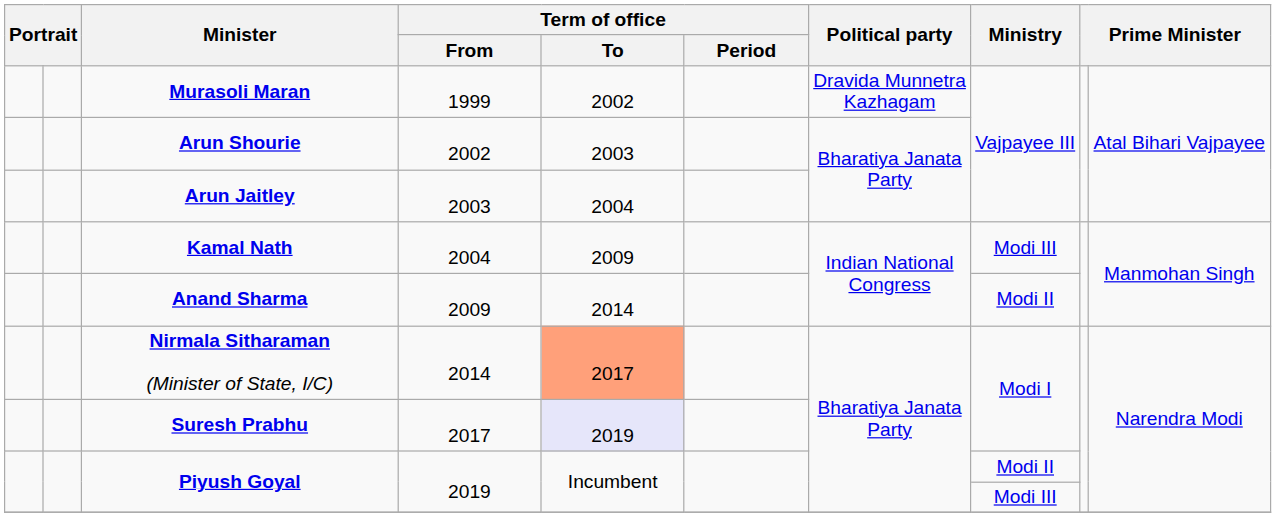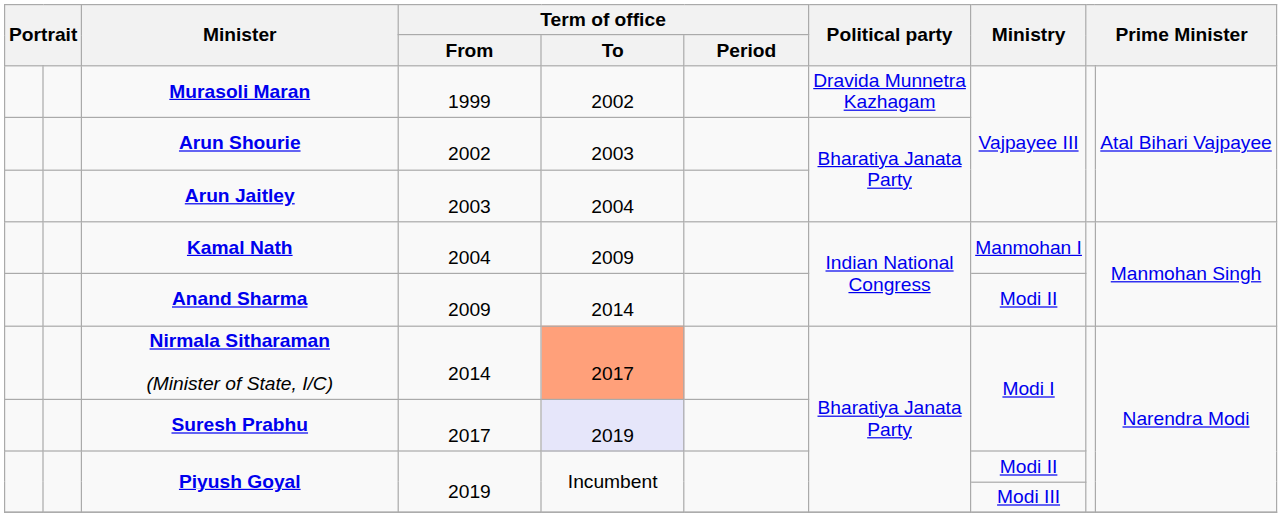 <table class="wikitable" style="text-align:center">
 <tr>
 <th rowspan="2" colspan="2">Portrait</th>
 <th rowspan="2" style="width:16em">Minister<br></th>
 <th colspan="3">Term of office</th>
 <th rowspan="2" style="width:8em">Political party</th>
 <th rowspan="2">Ministry</th>
 <th rowspan="2" colspan="2">Prime Minister</th>
 </tr>
 <tr>
 <th style="width:7em">From</th>
 <th style="width:7em">To</th>
 <th style="width:6em">Period</th>
 </tr>
 <tr>
 <td></td>
 <td></td>
 <td><strong><a href='#'>Murasoli Maran</a></strong><br></td>
 <td><br>1999</td>
 <td><br>2002</td>
 <td><strong></strong></td>
 <td><a href='#'>Dravida Munnetra Kazhagam</a></td>
 <td rowspan="3"><a href='#'>Vajpayee III</a></td>
 <td rowspan="3"></td>
 <td rowspan="3" style="width:9em"><a href='#'>Atal Bihari Vajpayee</a></td>
 </tr>
 <tr>
 <td></td>
 <td></td>
 <td><strong><a href='#'>Arun Shourie</a></strong><br></td>
 <td><br>2002</td>
 <td><br>2003</td>
 <td><strong></strong></td>
 <td rowspan="2"><a href='#'>Bharatiya Janata Party</a></td>
 </tr>
 <tr>
 <td></td>
 <td></td>
 <td><strong><a href='#'>Arun Jaitley</a></strong><br></td>
 <td><br>2003</td>
 <td><br>2004</td>
 <td><strong></strong></td>
 </tr>
 <tr>
 <td></td>
 <td></td>
 <td><strong><a href='#'>Kamal Nath</a></strong><br></td>
 <td><br>2004</td>
 <td><br>2009</td>
 <td><strong></strong></td>
 <td rowspan="2"><a href='#'>Indian National Congress</a></td>
-<td><a href='#'>Modi III</a></td>
+<td><a href='#'>Manmohan I</a></td>
 <td rowspan="2"></td>
 <td rowspan="2"><a href='#'>Manmohan Singh</a></td>
 </tr>
 <tr>
 <td></td>
 <td></td>
 <td><strong><a href='#'>Anand Sharma</a></strong><br></td>
 <td><br>2009</td>
 <td><br>2014</td>
 <td><strong></strong></td>
 <td><a href='#'>Modi II</a></td>
 </tr>
 <tr>
 <td></td>
 <td></td>
 <td><strong><a href='#'>Nirmala Sitharaman</a></strong><br><br><em>(Minister of State, I/C)</em></td>
 <td><br>2014</td>
 <td style="background: lightsalmon;"><br>2017</td>
 <td><strong></strong></td>
 <td rowspan="4"><a href='#'>Bharatiya Janata Party</a></td>
 <td rowspan="2"><a href='#'>Modi I</a></td>
 <td rowspan="4"></td>
 <td rowspan="4"><a href='#'>Narendra Modi</a></td>
 </tr>
 <tr>
 <td></td>
 <td></td>
 <td><strong><a href='#'>Suresh Prabhu</a></strong><br></td>
 <td><br>2017</td>
 <td style="background: lavender;"><br>2019</td>
 <td><strong></strong></td>
 </tr>
 <tr>
 <td rowspan="2"></td>
 <td rowspan="2"></td>
 <td rowspan="2"><strong><a href='#'>Piyush Goyal</a></strong><br></td>
 <td rowspan="2"><br>2019</td>
 <td rowspan="2">Incumbent</td>
 <td rowspan="2"><strong></strong></td>
 <td><a href='#'>Modi II</a></td>
 </tr>
 <tr>
 <td><a href='#'>Modi III</a></td>
 </tr>
 <tr>
 </tr>
 </table>
